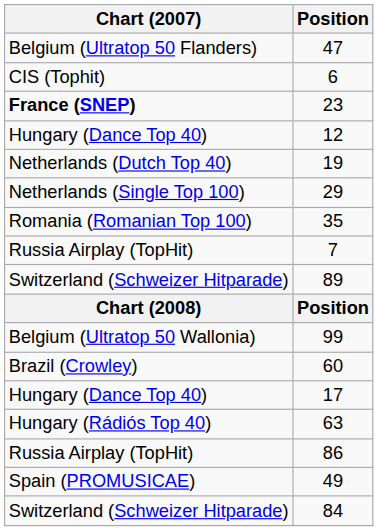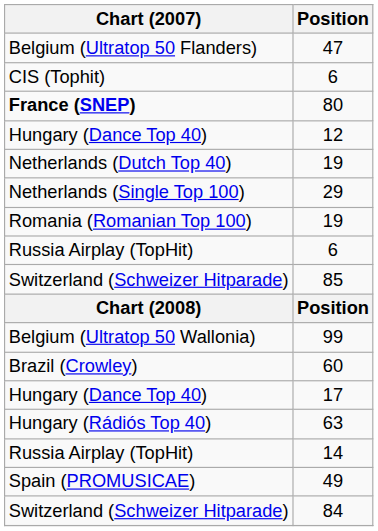 <table class="wikitable sortable">
 <tr>
 <th>Chart (2007)</th>
 <th>Position</th>
 </tr>
 <tr>
 <td>Belgium (<a href='#'>Ultratop 50</a> Flanders)</td>
 <td align="center">47</td>
 </tr>
 <tr>
 <td>CIS (Tophit)</td>
 <td style="text-align:center;">6</td>
 </tr>
 <tr>
 <td><strong>France (<a href='#'>SNEP</a>)</strong></td>
-<td align="center">23</td>
+<td align="center">80</td>
 </tr>
 <tr>
 <td>Hungary (<a href='#'>Dance Top 40</a>)</td>
 <td align="center">12</td>
 </tr>
 <tr>
 <td>Netherlands (<a href='#'>Dutch Top 40</a>)</td>
 <td align="center">19</td>
 </tr>
 <tr>
 <td>Netherlands (<a href='#'>Single Top 100</a>)</td>
 <td align="center">29</td>
 </tr>
 <tr>
 <td>Romania (<a href='#'>Romanian Top 100</a>)</td>
-<td align="center">35</td>
+<td align="center">19</td>
 </tr>
 <tr>
 <td>Russia Airplay (TopHit)</td>
-<td align="center">7</td>
+<td align="center">6</td>
 </tr>
 <tr>
 <td>Switzerland (<a href='#'>Schweizer Hitparade</a>)</td>
-<td align="center">89</td>
+<td align="center">85</td>
 </tr>
 <tr>
 <th>Chart (2008)</th>
 <th>Position</th>
 </tr>
 <tr>
 <td>Belgium (<a href='#'>Ultratop 50</a> Wallonia)</td>
 <td align="center">99</td>
 </tr>
 <tr>
 <td>Brazil (<a href='#'>Crowley</a>)</td>
 <td align="center">60</td>
 </tr>
 <tr>
 <td>Hungary (<a href='#'>Dance Top 40</a>)</td>
 <td align="center">17</td>
 </tr>
 <tr>
 <td>Hungary (<a href='#'>Rádiós Top 40</a>)</td>
 <td align="center">63</td>
 </tr>
 <tr>
 <td>Russia Airplay (TopHit)</td>
-<td align="center">86</td>
+<td align="center">14</td>
 </tr>
 <tr>
 <td>Spain (<a href='#'>PROMUSICAE</a>)</td>
 <td align="center">49</td>
 </tr>
 <tr>
 <td>Switzerland (<a href='#'>Schweizer Hitparade</a>)</td>
 <td align="center">84</td>
 </tr>
 <tr>
 </tr>
 </table>
